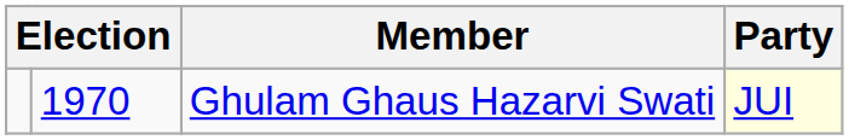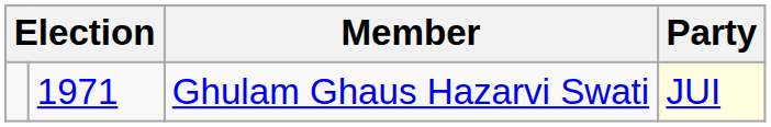 <table class="wikitable">
 <tr>
 <th colspan="2">Election</th>
 <th>Member</th>
 <th>Party</th>
 </tr>
 <tr>
 <td style="background-color: "></td>
-<td><a href='#'>1970</a></td>
+<td><a href='#'>1971</a></td>
 <td><a href='#'>Ghulam Ghaus Hazarvi Swati</a></td>
 <td style="background: lightyellow;"><a href='#'>JUI</a></td>
 </tr>
 </table>
